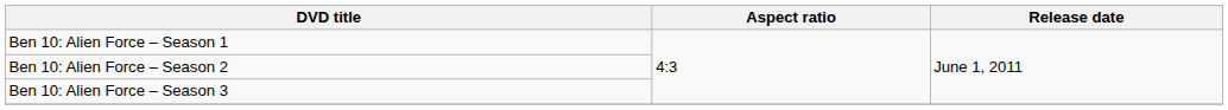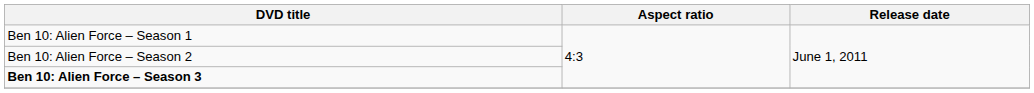 <table class="wikitable" style="width:99%">
 <tr>
 <th>DVD title</th>
 <th>Aspect ratio</th>
 <th>Release date</th>
 </tr>
 <tr>
 <td>Ben 10: Alien Force – Season 1</td>
 <td rowspan="3">4:3</td>
 <td rowspan="3">June 1, 2011</td>
 </tr>
 <tr>
 <td>Ben 10: Alien Force – Season 2</td>
 </tr>
 <tr>
-<td>Ben 10: Alien Force – Season 3</td>
+<td><strong>Ben 10: Alien Force – Season 3</strong></td>
 </tr>
 <tr>
 </tr>
 </table>
